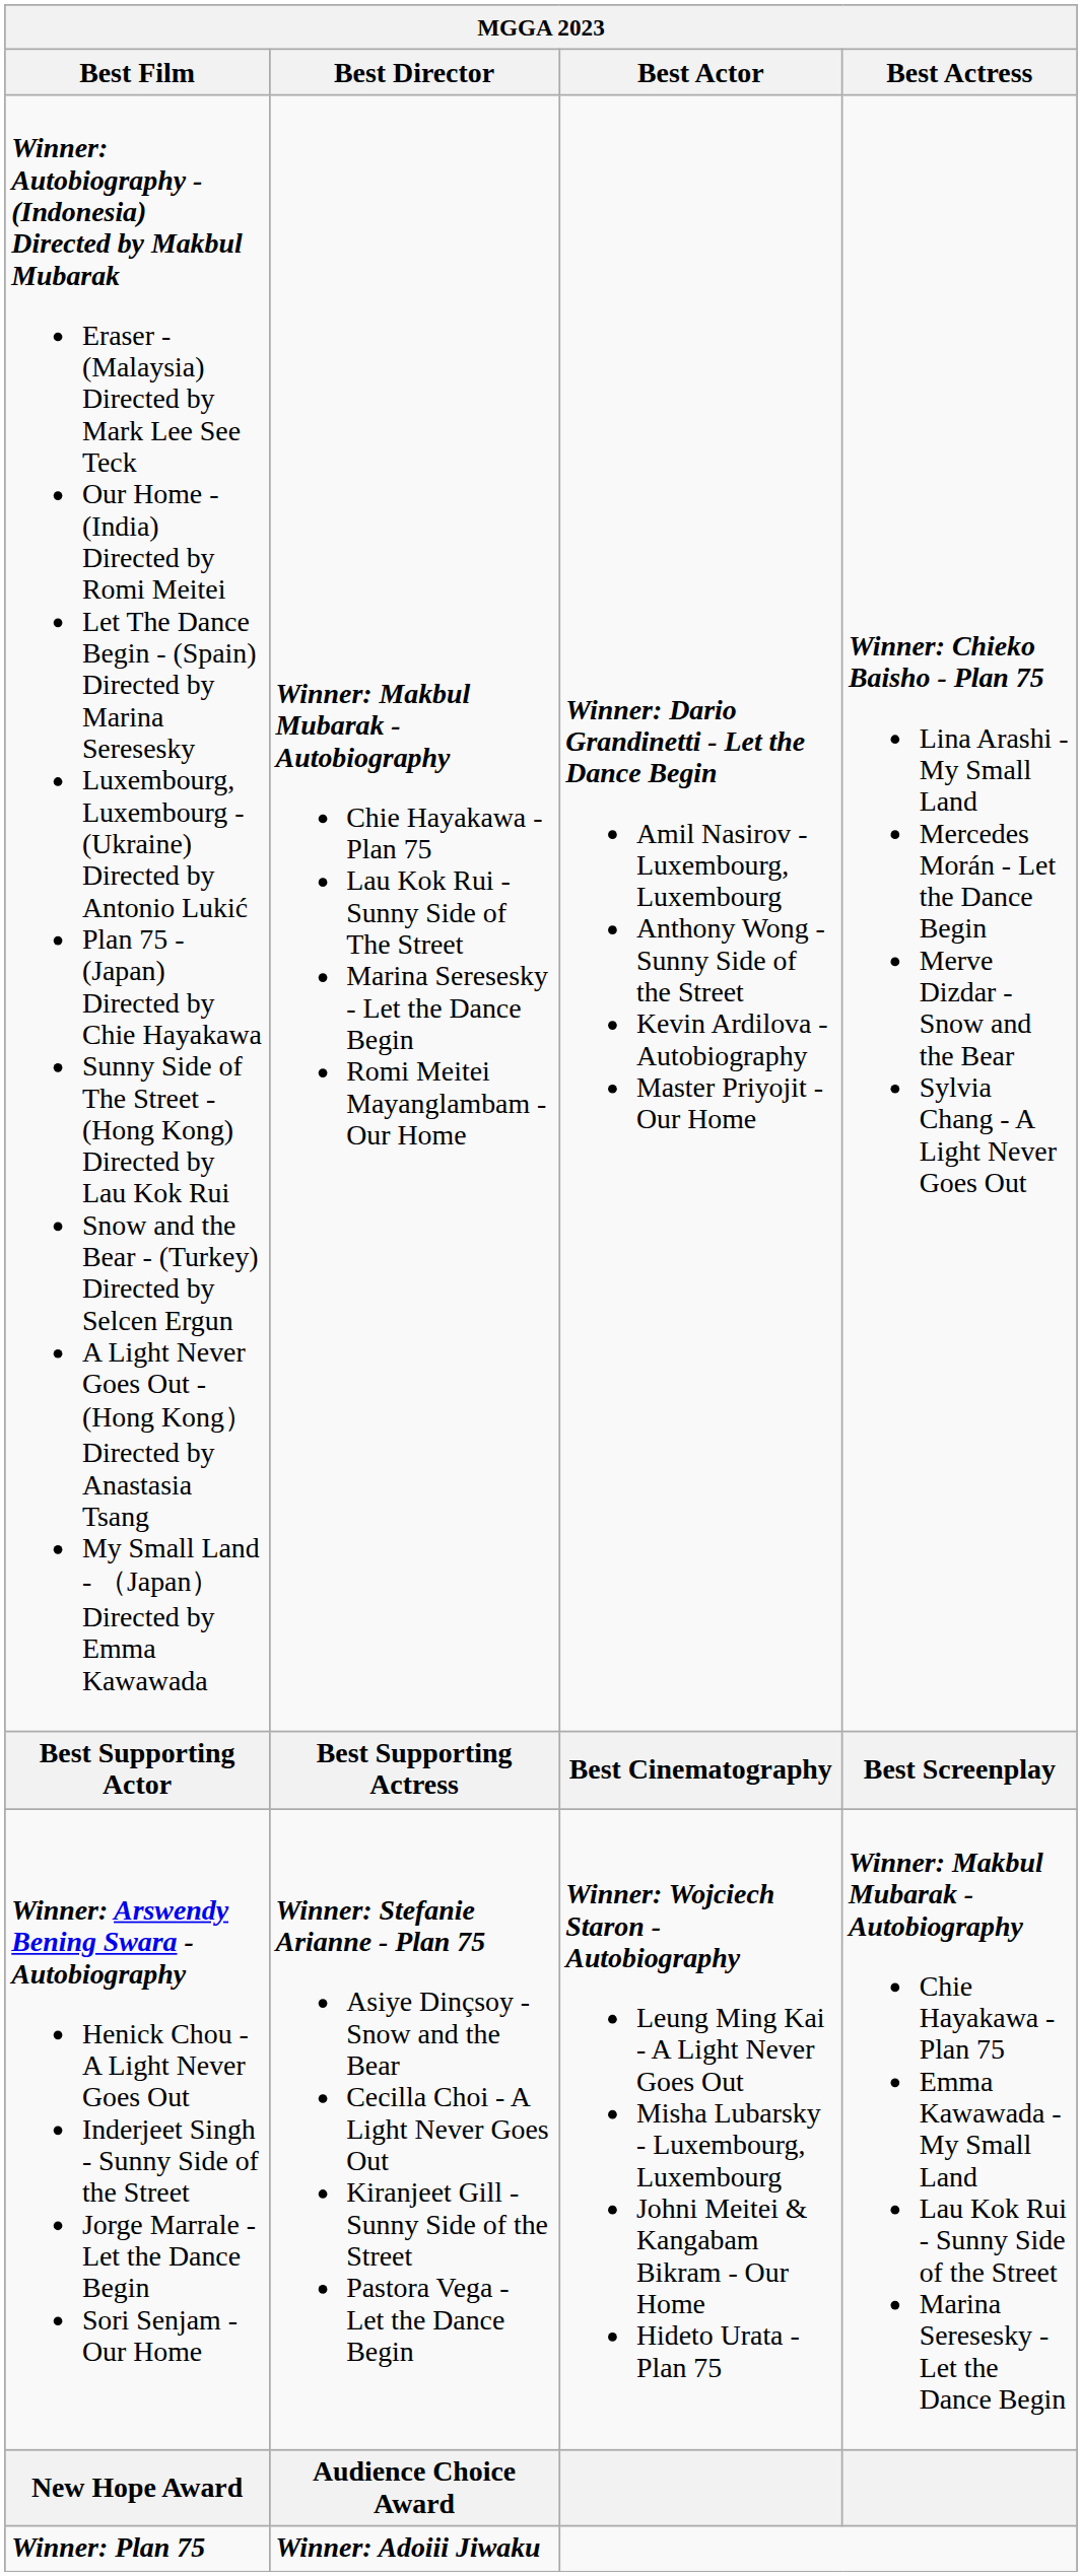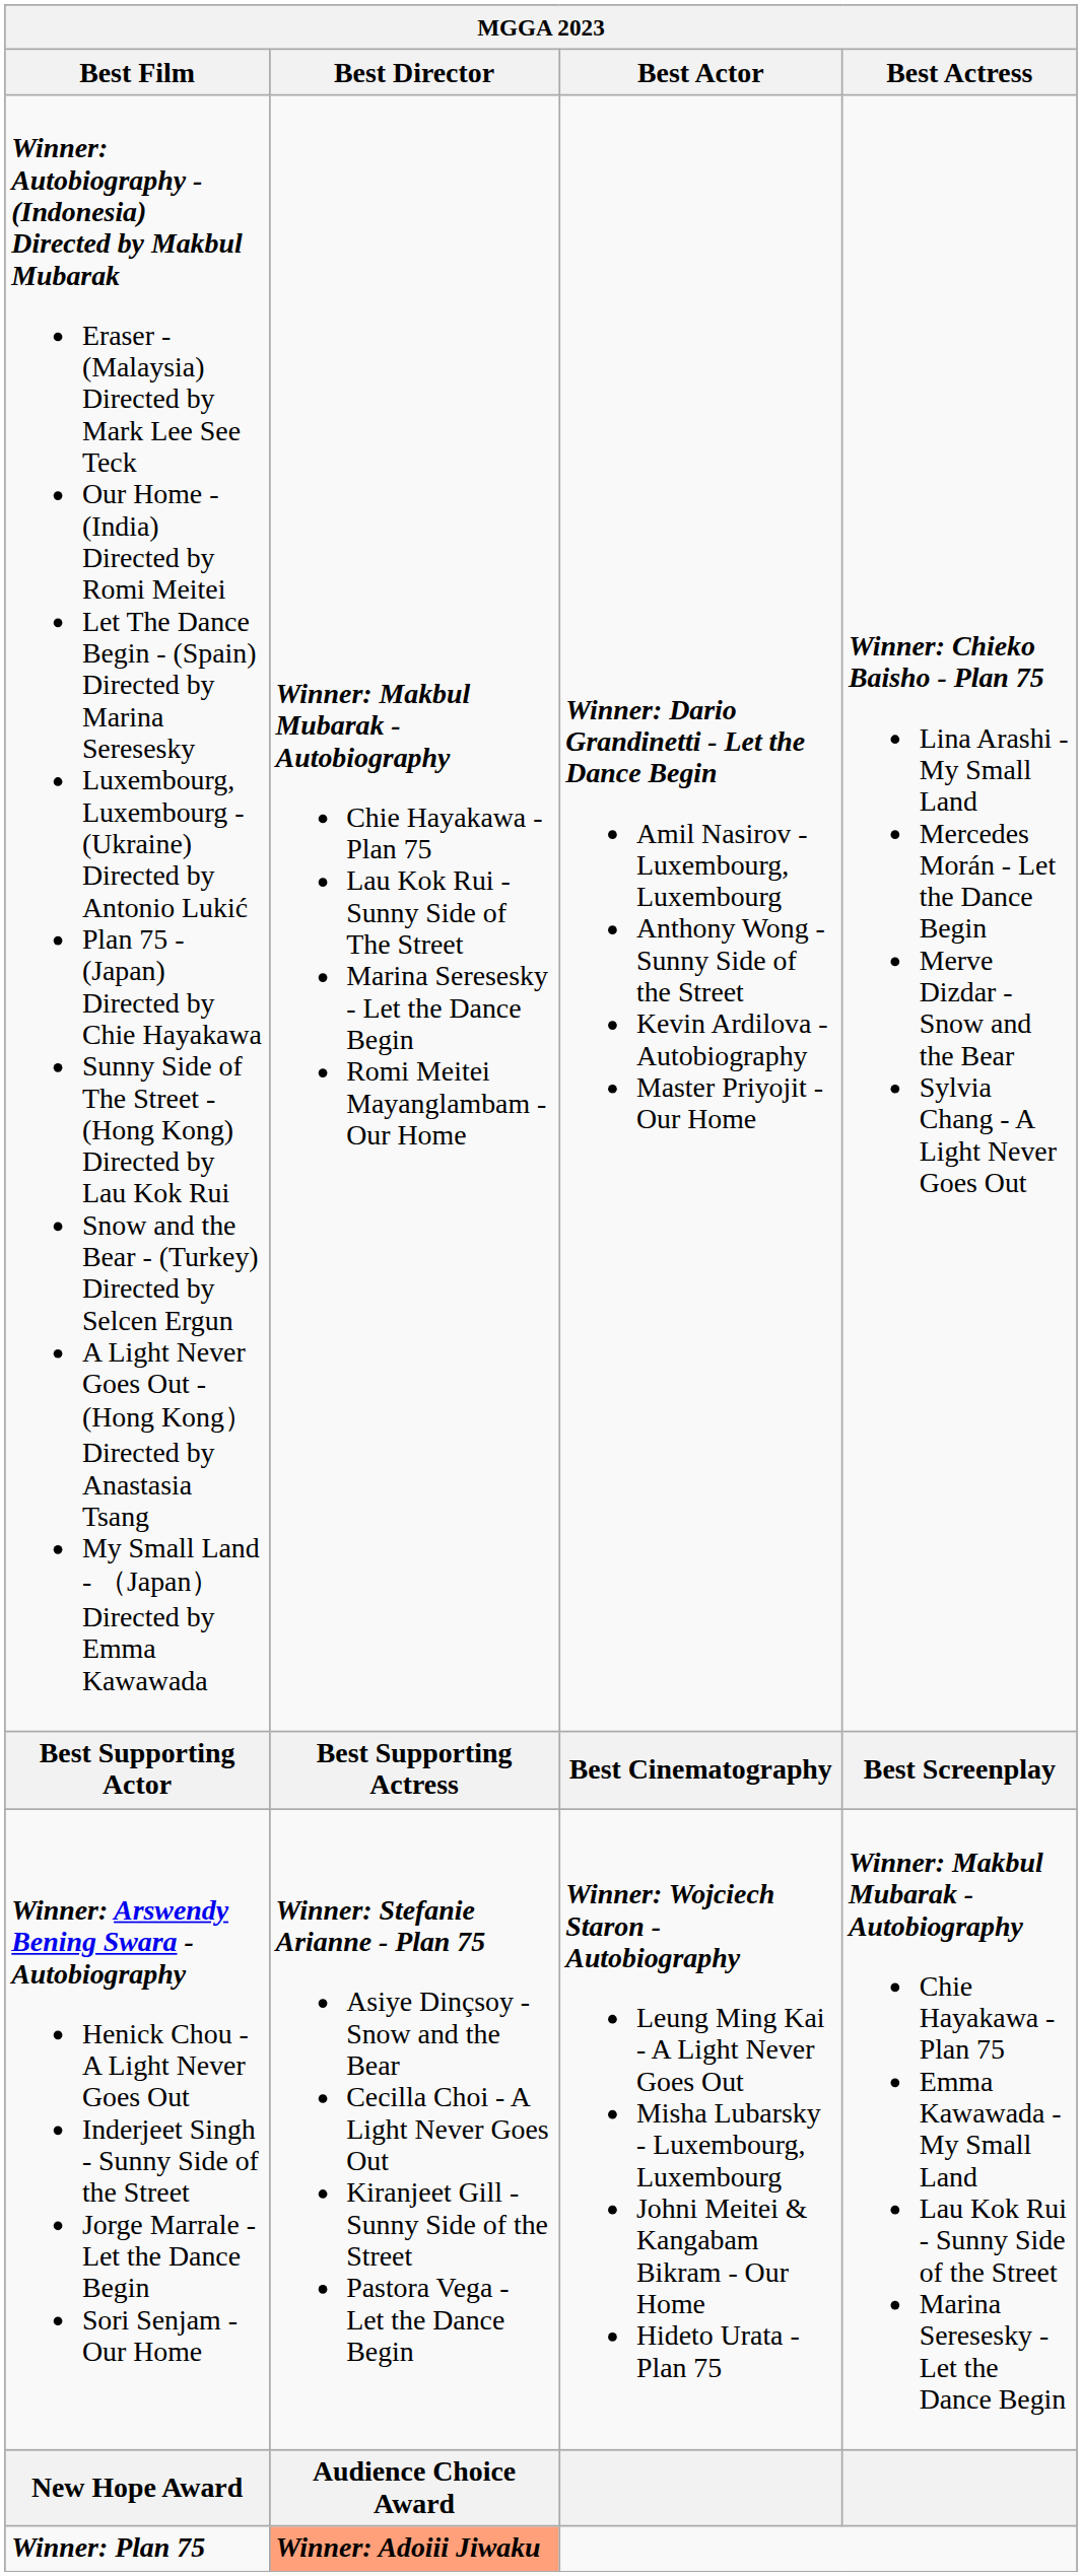 <table class="wikitable sortable mw-collapsible">
 <tr>
 <th colspan="4"><strong><small>MGGA 2023</small></strong></th>
 </tr>
 <tr>
 <th>Best Film</th>
 <th>Best Director</th>
 <th>Best Actor</th>
 <th>Best Actress</th>
 </tr>
 <tr>
 <td><br><strong><em>Winner: Autobiography - (Indonesia) <br> Directed by Makbul Mubarak </em></strong><ul><li>Eraser - (Malaysia) <br>Directed by Mark Lee See Teck</li><li>Our Home - (India) <br>Directed by Romi Meitei</li><li>Let The Dance Begin - (Spain) <br>Directed by Marina Seresesky</li><li>Luxembourg, Luxembourg - (Ukraine) <br>Directed by Antonio Lukić</li><li>Plan 75 - (Japan) <br>Directed by Chie Hayakawa</li><li>Sunny Side of The Street - (Hong Kong) <br>Directed by Lau Kok Rui</li><li>Snow and the Bear - (Turkey) <br>Directed by Selcen Ergun</li><li>A Light Never Goes Out - (Hong Kong） <br>Directed by Anastasia Tsang</li><li>My Small Land - （Japan） <br>Directed by Emma Kawawada</li></ul></td>
 <td><br><strong><em>Winner: Makbul Mubarak - Autobiography </em></strong><ul><li>Chie Hayakawa - Plan 75</li><li>Lau Kok Rui - Sunny Side of The Street</li><li>Marina Seresesky - Let the Dance Begin</li><li>Romi Meitei Mayanglambam - Our Home</li></ul></td>
 <td><br><strong><em>Winner: Dario Grandinetti - Let the Dance Begin </em></strong><ul><li>Amil Nasirov   - Luxembourg, Luxembourg</li><li>Anthony Wong  - Sunny Side of the Street</li><li>Kevin Ardilova - Autobiography</li><li>Master Priyojit - Our Home</li></ul></td>
 <td><br><strong><em>Winner: Chieko Baisho - Plan 75</em></strong><ul><li>Lina Arashi - My Small Land</li><li>Mercedes Morán - Let the Dance Begin</li><li>Merve Dizdar - Snow and the Bear</li><li>Sylvia Chang - A Light Never Goes Out</li></ul></td>
 </tr>
 <tr>
 <th>Best Supporting Actor</th>
 <th>Best Supporting Actress</th>
 <th>Best Cinematography</th>
 <th>Best Screenplay</th>
 </tr>
 <tr>
 <td><br><strong><em>Winner: <a href='#'>Arswendy Bening Swara</a> - Autobiography</em></strong><ul><li>Henick Chou - A Light Never Goes Out</li><li>Inderjeet Singh - Sunny Side of the Street</li><li>Jorge Marrale - Let the Dance Begin</li><li>Sori Senjam - Our Home</li></ul></td>
 <td><br><strong><em>Winner: Stefanie Arianne - Plan 75</em></strong><ul><li>Asiye Dinçsoy - Snow and the Bear</li><li>Cecilla Choi - A Light Never Goes Out</li><li>Kiranjeet Gill - Sunny Side of the Street</li><li>Pastora Vega - Let the Dance Begin</li></ul></td>
 <td><br><strong><em>Winner: Wojciech Staron - Autobiography </em></strong><ul><li>Leung Ming Kai - A Light Never Goes Out</li><li>Misha Lubarsky - Luxembourg, Luxembourg</li><li>Johni Meitei & Kangabam Bikram - Our Home</li><li>Hideto Urata - Plan 75</li></ul></td>
 <td><br><strong><em>Winner: Makbul Mubarak - Autobiography </em></strong><ul><li>Chie Hayakawa - Plan 75</li><li>Emma Kawawada - My Small Land</li><li>Lau Kok Rui - Sunny Side of the Street</li><li>Marina Seresesky - Let the Dance Begin</li></ul></td>
 </tr>
 <tr>
 <th>New Hope Award</th>
 <th>Audience Choice Award</th>
 <th></th>
 <th></th>
 </tr>
 <tr>
 <td><strong><em>Winner: Plan 75</em></strong></td>
-<td><strong><em>Winner: Adoiii Jiwaku</em></strong></td>
+<td style="background: lightsalmon;"><strong><em>Winner: Adoiii Jiwaku</em></strong></td>
 </tr>
 <tr>
 </tr>
 </table>
